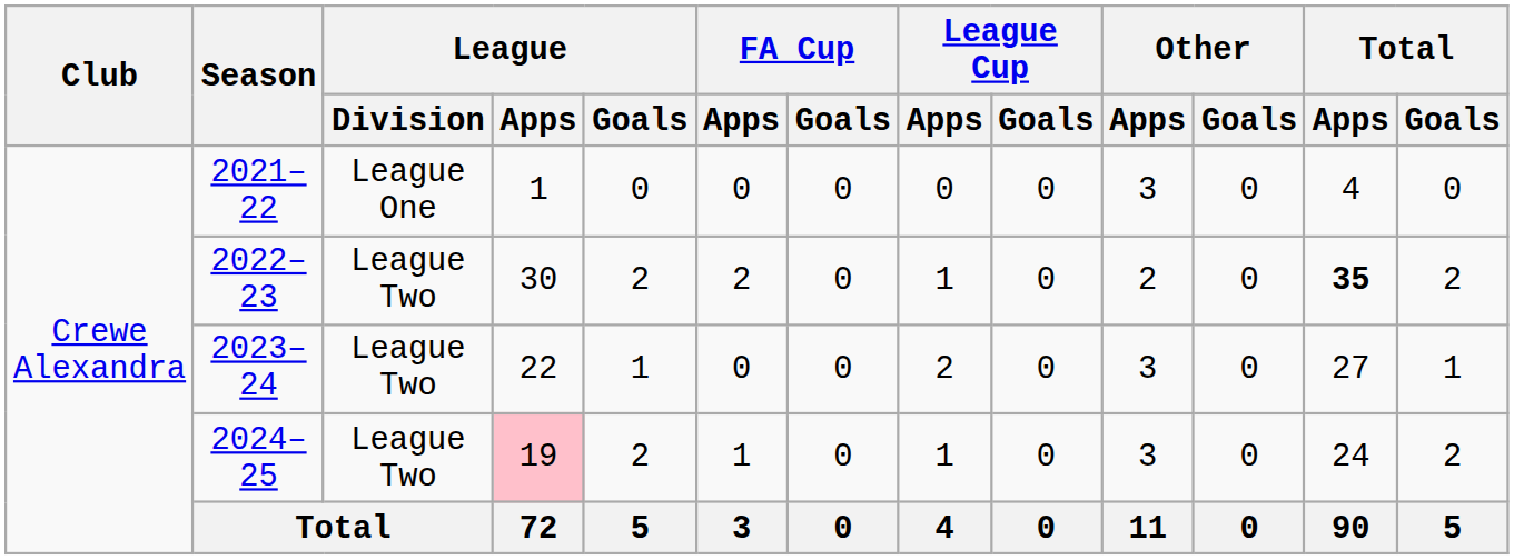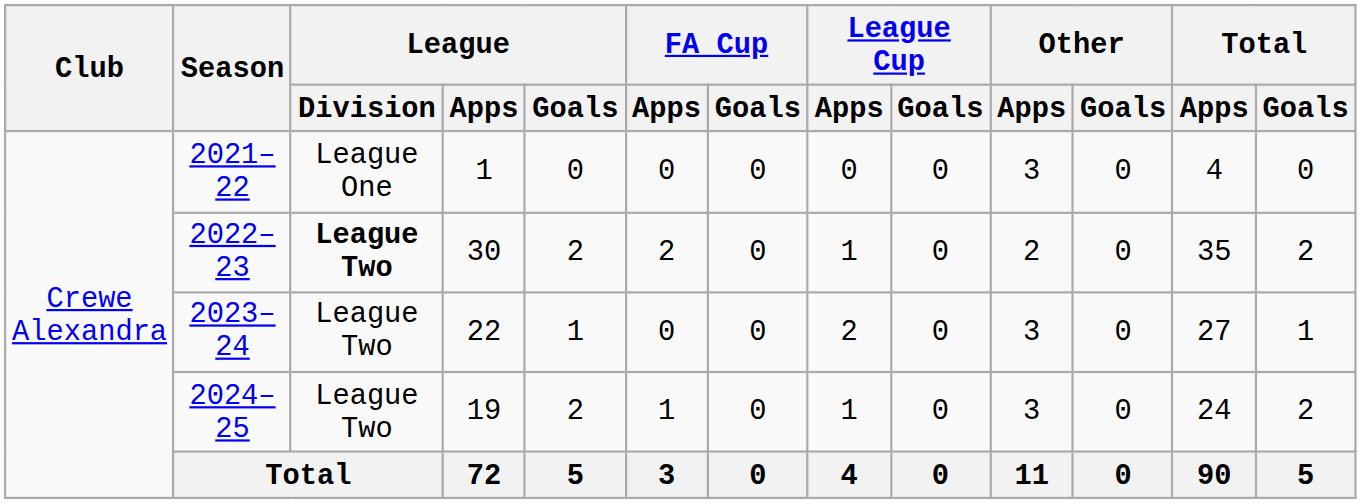 <table class="wikitable" style="text-align:center">
 <tr>
 <th rowspan="2">Club</th>
 <th rowspan="2">Season</th>
 <th colspan="3">League</th>
 <th colspan="2"><a href='#'>FA Cup</a></th>
 <th colspan="2"><a href='#'>League Cup</a></th>
 <th colspan="2">Other</th>
 <th colspan="2">Total</th>
 </tr>
 <tr>
 <th>Division</th>
 <th>Apps</th>
 <th>Goals</th>
 <th>Apps</th>
 <th>Goals</th>
 <th>Apps</th>
 <th>Goals</th>
 <th>Apps</th>
 <th>Goals</th>
 <th>Apps</th>
 <th>Goals</th>
 </tr>
 <tr>
 <td rowspan="5"><a href='#'>Crewe Alexandra</a></td>
 <td><a href='#'>2021–22</a></td>
 <td>League One</td>
 <td>1</td>
 <td>0</td>
 <td>0</td>
 <td>0</td>
 <td>0</td>
 <td>0</td>
 <td>3</td>
 <td>0</td>
 <td>4</td>
 <td>0</td>
 </tr>
 <tr>
 <td><a href='#'>2022–23</a></td>
-<td>League Two</td>
+<td><strong>League Two</strong></td>
 <td>30</td>
 <td>2</td>
 <td>2</td>
 <td>0</td>
 <td>1</td>
 <td>0</td>
 <td>2</td>
 <td>0</td>
-<td><strong>35</strong></td>
+<td>35</td>
 <td>2</td>
 </tr>
 <tr>
 <td><a href='#'>2023–24</a></td>
 <td>League Two</td>
 <td>22</td>
 <td>1</td>
 <td>0</td>
 <td>0</td>
 <td>2</td>
 <td>0</td>
 <td>3</td>
 <td>0</td>
 <td>27</td>
 <td>1</td>
 </tr>
 <tr>
 <td><a href='#'>2024–25</a></td>
 <td>League Two</td>
-<td style="background: pink;">19</td>
+<td>19</td>
 <td>2</td>
 <td>1</td>
 <td>0</td>
 <td>1</td>
 <td>0</td>
 <td>3</td>
 <td>0</td>
 <td>24</td>
 <td>2</td>
 </tr>
 <tr>
 <th colspan="2">Total</th>
 <th>72</th>
 <th>5</th>
 <th>3</th>
 <th>0</th>
 <th>4</th>
 <th>0</th>
 <th>11</th>
 <th>0</th>
 <th>90</th>
 <th>5</th>
 </tr>
 </table>
